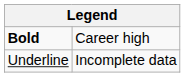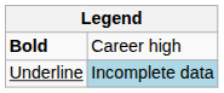 <table class="wikitable">
 <tr>
 <th colspan="2">Legend</th>
 </tr>
 <tr>
 <td><strong>Bold</strong></td>
 <td>Career high</td>
 </tr>
 <tr>
 <td><u>Underline</u></td>
-<td>Incomplete data</td>
+<td style="background: lightblue;">Incomplete data</td>
 </tr>
 </table>
